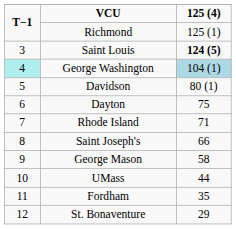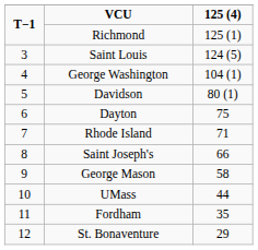 <table class="wikitable" style="width: 25%;text-align: center;">
 <tr align="center">
 </tr>
 <tr align="center">
 <td rowspan="2"><strong>T−1</strong></td>
 <td><strong>VCU</strong></td>
 <td><strong>125 (4)</strong></td>
 </tr>
 <tr align="center">
 <td>Richmond</td>
 <td>125 (1)</td>
 </tr>
 <tr align="center">
 <td>3</td>
 <td>Saint Louis</td>
-<td><strong>124 (5)</strong></td>
+<td>124 (5)</td>
 </tr>
 <tr align="center">
-<td style="background: paleturquoise;">4</td>
+<td>4</td>
 <td>George Washington</td>
-<td style="background: lightblue;">104 (1)</td>
+<td>104 (1)</td>
 </tr>
 <tr align="center">
 <td>5</td>
 <td>Davidson</td>
 <td>80 (1)</td>
 </tr>
 <tr align="center">
 <td>6</td>
 <td>Dayton</td>
 <td>75</td>
 </tr>
 <tr align="center">
 <td>7</td>
 <td>Rhode Island</td>
 <td>71</td>
 </tr>
 <tr align="center">
 <td>8</td>
 <td>Saint Joseph's</td>
 <td>66</td>
 </tr>
 <tr align="center">
 <td>9</td>
 <td>George Mason</td>
 <td>58</td>
 </tr>
 <tr align="center">
 <td>10</td>
 <td>UMass</td>
 <td>44</td>
 </tr>
 <tr align="center">
 <td>11</td>
 <td>Fordham</td>
 <td>35</td>
 </tr>
 <tr align="center">
 <td>12</td>
 <td>St. Bonaventure</td>
 <td>29</td>
 </tr>
 </table>
